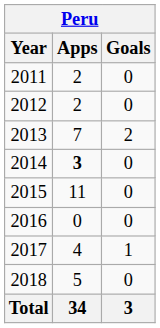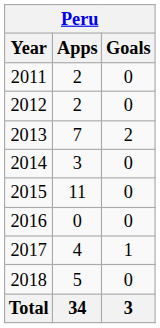 <table class="wikitable" style="text-align:center">
 <tr>
 <th colspan=3><a href='#'>Peru</a></th>
 </tr>
 <tr>
 <th>Year</th>
 <th>Apps</th>
 <th>Goals</th>
 </tr>
 <tr>
 <td>2011</td>
 <td>2</td>
 <td>0</td>
 </tr>
 <tr>
 <td>2012</td>
 <td>2</td>
 <td>0</td>
 </tr>
 <tr>
 <td>2013</td>
 <td>7</td>
 <td>2</td>
 </tr>
 <tr>
 <td>2014</td>
-<td><strong>3</strong></td>
+<td>3</td>
 <td>0</td>
 </tr>
 <tr>
 <td>2015</td>
 <td>11</td>
 <td>0</td>
 </tr>
 <tr>
 <td>2016</td>
 <td>0</td>
 <td>0</td>
 </tr>
 <tr>
 <td>2017</td>
 <td>4</td>
 <td>1</td>
 </tr>
 <tr>
 <td>2018</td>
 <td>5</td>
 <td>0</td>
 </tr>
 <tr>
 <th>Total</th>
 <th>34</th>
 <th>3</th>
 </tr>
 </table>
